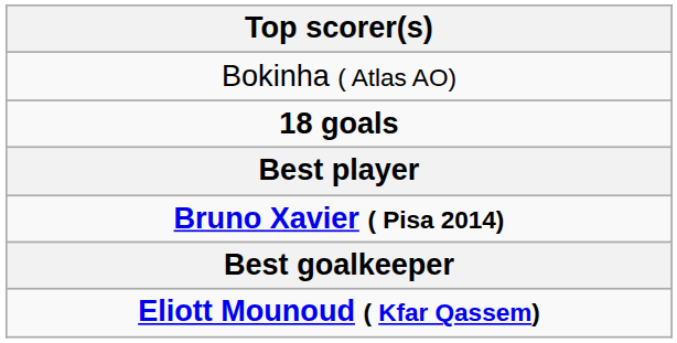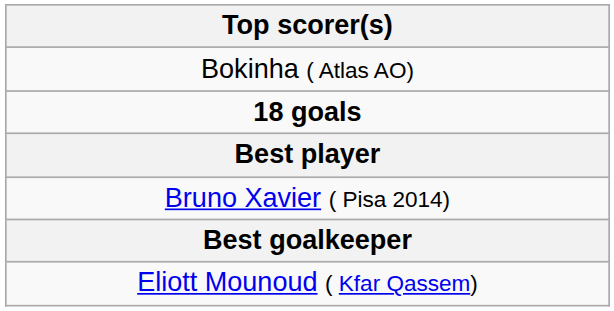 <table class="wikitable" style="margin: 1em auto 1em auto;">
 <tr>
 <th width=350 colspan=3>Top scorer(s)</th>
 </tr>
 <tr align=center style="background:">
 <td style="text-align:center;"> Bokinha <small>( Atlas AO)</small></td>
 </tr>
 <tr>
 <td style="text-align:center;"><strong>18 goals</strong></td>
 </tr>
 <tr>
 <th colspan=3>Best player</th>
 </tr>
 <tr>
-<td style="text-align:center;"><strong> <a href='#'>Bruno Xavier</a> <small>( Pisa 2014)</small></strong></td>
+<td style="text-align:center;"> <a href='#'>Bruno Xavier</a> <small>( Pisa 2014)</small></td>
 </tr>
 <tr>
 <th colspan=3>Best goalkeeper</th>
 </tr>
 <tr>
-<td style="text-align:center;"><strong> <a href='#'>Eliott Mounoud</a> <small>( <a href='#'>Kfar Qassem</a>)</small></strong></td>
+<td style="text-align:center;"> <a href='#'>Eliott Mounoud</a> <small>( <a href='#'>Kfar Qassem</a>)</small></td>
 </tr>
 </table>
